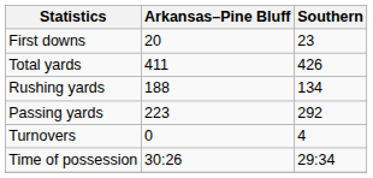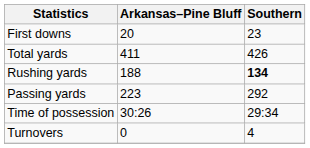 <table class="wikitable">
 <tr>
 <th>Statistics</th>
 <th>Arkansas–Pine Bluff</th>
 <th>Southern</th>
 </tr>
 <tr>
 <td>First downs</td>
 <td>20</td>
 <td>23</td>
 </tr>
 <tr>
 <td>Total yards</td>
 <td>411</td>
 <td>426</td>
 </tr>
 <tr>
 <td>Rushing yards</td>
 <td>188</td>
-<td>134</td>
+<td><strong>134</strong></td>
 </tr>
 <tr>
 <td>Passing yards</td>
 <td>223</td>
 <td>292</td>
 </tr>
 <tr>
+<td>Time of possession</td>
+<td>30:26</td>
+<td>29:34</td>
+</tr>
+<tr>
 <td>Turnovers</td>
 <td>0</td>
 <td>4</td>
 </tr>
 <tr>
-<td>Time of possession</td>
-<td>30:26</td>
-<td>29:34</td>
-</tr>
-<tr>
 </tr>
 </table>
